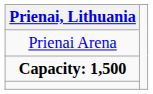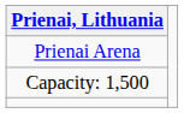 <table class="wikitable" style="margin:1em auto; text-align:center">
 <tr>
 <th><a href='#'>Prienai, Lithuania</a></th>
 <td rowspan=4></td>
 </tr>
 <tr>
 <td><a href='#'>Prienai Arena</a></td>
 </tr>
 <tr>
-<td><strong>Capacity: 1,500</strong></td>
+<td>Capacity: 1,500</td>
 </tr>
 <tr>
 <td></td>
 </tr>
 </table>
